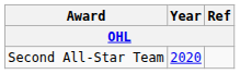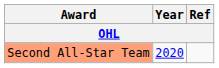 <table class="wikitable">
 <tr>
 <th>Award</th>
 <th>Year</th>
 <th>Ref</th>
 </tr>
 <tr>
 <th colspan="3"><a href='#'>OHL</a></th>
 </tr>
 <tr>
-<td>Second All-Star Team</td>
+<td style="background: lightsalmon;">Second All-Star Team</td>
 <td><a href='#'>2020</a></td>
 <td></td>
 </tr>
 </table>
